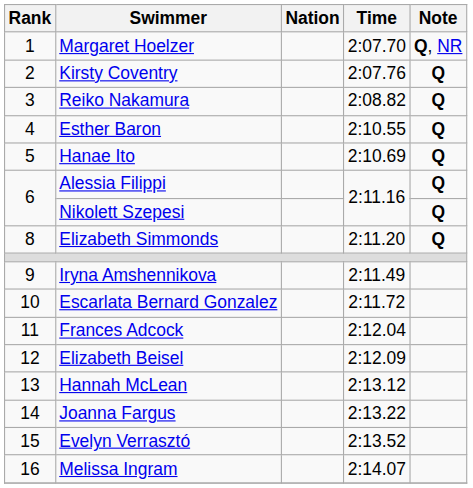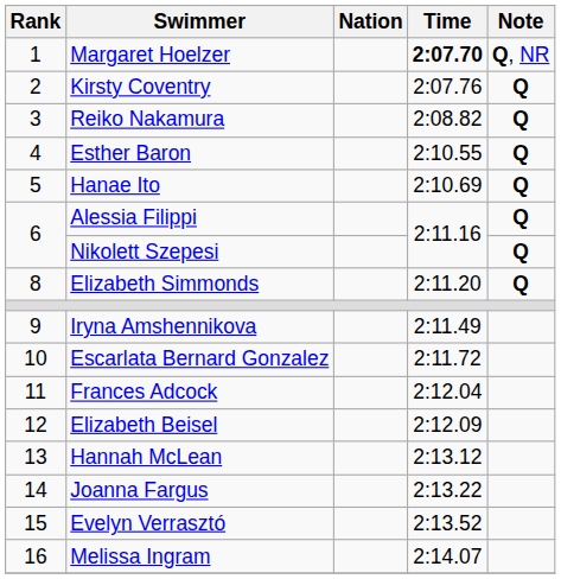 <table class="wikitable" style="text-align:center">
 <tr>
 <th>Rank</th>
 <th>Swimmer</th>
 <th>Nation</th>
 <th>Time</th>
 <th>Note</th>
 </tr>
 <tr>
 <td>1</td>
 <td align=left><a href='#'>Margaret Hoelzer</a></td>
 <td align=left></td>
-<td>2:07.70</td>
+<td><strong>2:07.70</strong></td>
 <td><strong>Q</strong>, <a href='#'>NR</a></td>
 </tr>
 <tr>
 <td>2</td>
 <td align=left><a href='#'>Kirsty Coventry</a></td>
 <td align=left></td>
 <td>2:07.76</td>
 <td><strong>Q</strong></td>
 </tr>
 <tr>
 <td>3</td>
 <td align=left><a href='#'>Reiko Nakamura</a></td>
 <td align=left></td>
 <td>2:08.82</td>
 <td><strong>Q</strong></td>
 </tr>
 <tr>
 <td>4</td>
 <td align=left><a href='#'>Esther Baron</a></td>
 <td align=left></td>
 <td>2:10.55</td>
 <td><strong>Q</strong></td>
 </tr>
 <tr>
 <td>5</td>
 <td align=left><a href='#'>Hanae Ito</a></td>
 <td align=left></td>
 <td>2:10.69</td>
 <td><strong>Q</strong></td>
 </tr>
 <tr>
 <td rowspan=2>6</td>
 <td align=left><a href='#'>Alessia Filippi</a></td>
 <td align=left></td>
 <td rowspan=2>2:11.16</td>
 <td><strong>Q</strong></td>
 </tr>
 <tr>
 <td align=left><a href='#'>Nikolett Szepesi</a></td>
 <td align=left></td>
 <td><strong>Q</strong></td>
 </tr>
 <tr>
 <td>8</td>
 <td align=left><a href='#'>Elizabeth Simmonds</a></td>
 <td align=left></td>
 <td>2:11.20</td>
 <td><strong>Q</strong></td>
 </tr>
 <tr bgcolor=#DDDDDD>
 <td colspan=5></td>
 </tr>
 <tr>
 <td>9</td>
 <td align=left><a href='#'>Iryna Amshennikova</a></td>
 <td align=left></td>
 <td>2:11.49</td>
 <td></td>
 </tr>
 <tr>
 <td>10</td>
 <td align=left><a href='#'>Escarlata Bernard Gonzalez</a></td>
 <td align=left></td>
 <td>2:11.72</td>
 <td></td>
 </tr>
 <tr>
 <td>11</td>
 <td align=left><a href='#'>Frances Adcock</a></td>
 <td align=left></td>
 <td>2:12.04</td>
 <td></td>
 </tr>
 <tr>
 <td>12</td>
 <td align=left><a href='#'>Elizabeth Beisel</a></td>
 <td align=left></td>
 <td>2:12.09</td>
 <td></td>
 </tr>
 <tr>
 <td>13</td>
 <td align=left><a href='#'>Hannah McLean</a></td>
 <td align=left></td>
 <td>2:13.12</td>
 <td></td>
 </tr>
 <tr>
 <td>14</td>
 <td align=left><a href='#'>Joanna Fargus</a></td>
 <td align=left></td>
 <td>2:13.22</td>
 <td></td>
 </tr>
 <tr>
 <td>15</td>
 <td align=left><a href='#'>Evelyn Verrasztó</a></td>
 <td align=left></td>
 <td>2:13.52</td>
 <td></td>
 </tr>
 <tr>
 <td>16</td>
 <td align=left><a href='#'>Melissa Ingram</a></td>
 <td align=left></td>
 <td>2:14.07</td>
 <td></td>
 </tr>
 <tr>
 </tr>
 </table>
